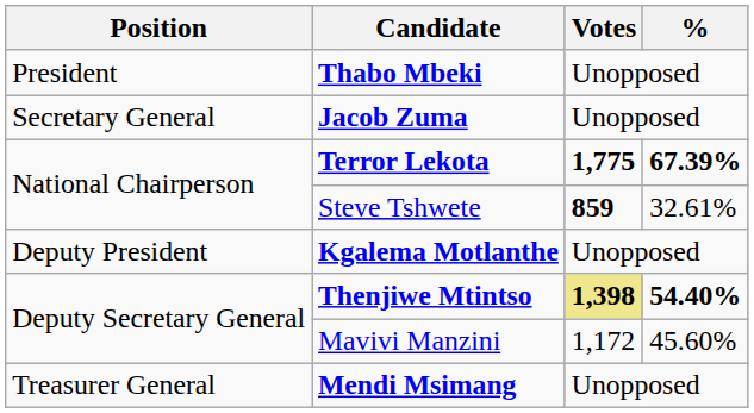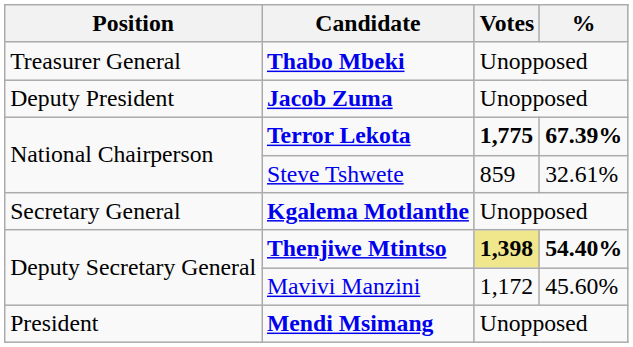 <table class="wikitable">
 <tr>
 <th>Position</th>
 <th>Candidate</th>
 <th>Votes</th>
 <th>%</th>
 </tr>
 <tr>
-<td>President</td>
+<td>Treasurer General</td>
 <td><strong><a href='#'>Thabo Mbeki</a></strong></td>
 <td colspan="2">Unopposed</td>
 </tr>
 <tr>
-<td>Secretary General</td>
+<td>Deputy President</td>
 <td><strong><a href='#'>Jacob Zuma</a></strong></td>
 <td colspan="2">Unopposed</td>
 </tr>
 <tr>
 <td rowspan="2">National Chairperson</td>
 <td><strong><a href='#'>Terror Lekota</a></strong></td>
 <td><strong>1,775</strong></td>
 <td><strong>67.39%</strong></td>
 </tr>
 <tr>
 <td><a href='#'>Steve Tshwete</a></td>
-<td><strong>859</strong></td>
+<td>859</td>
 <td>32.61%</td>
 </tr>
 <tr>
-<td>Deputy President</td>
+<td>Secretary General</td>
 <td><strong><a href='#'>Kgalema Motlanthe</a></strong></td>
 <td colspan="2">Unopposed</td>
 </tr>
 <tr>
 <td rowspan="2">Deputy Secretary General</td>
 <td><strong><a href='#'>Thenjiwe Mtintso</a></strong></td>
 <td style="background: khaki;"><strong>1,398</strong></td>
 <td><strong>54.40%</strong></td>
 </tr>
 <tr>
 <td><a href='#'>Mavivi Manzini</a></td>
 <td>1,172</td>
 <td>45.60%</td>
 </tr>
 <tr>
-<td>Treasurer General</td>
+<td>President</td>
 <td><strong><a href='#'>Mendi Msimang</a></strong></td>
 <td colspan="2">Unopposed</td>
 </tr>
 </table>
